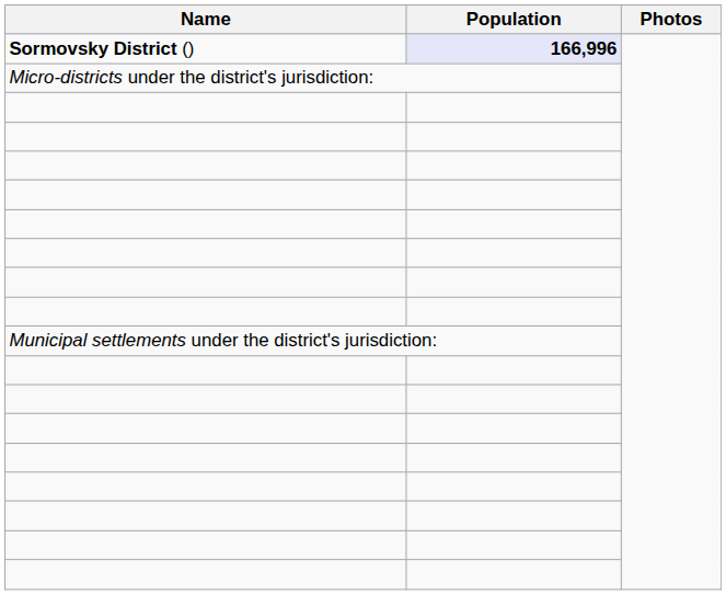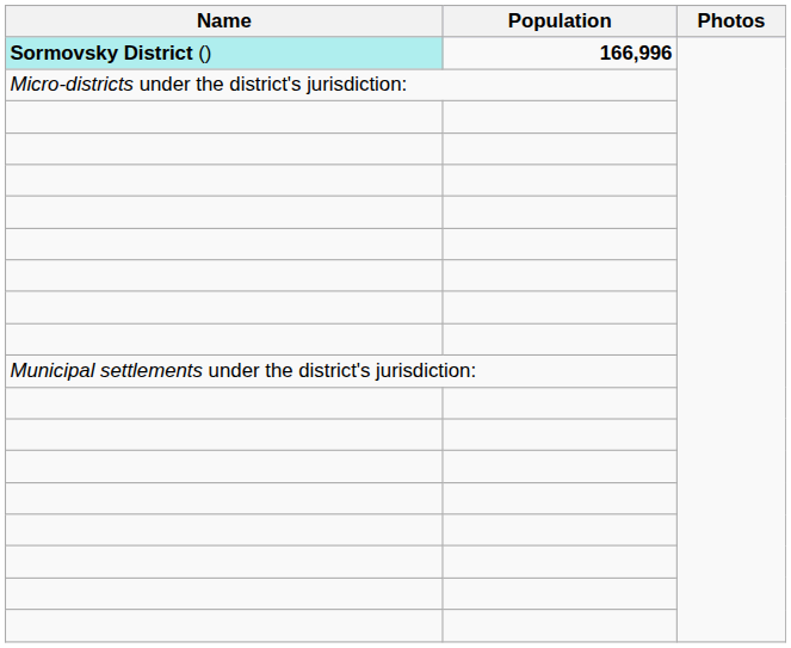 <table width=100% class="wikitable">
 <tr bgcolor="#CCCCFF" align="left">
 <th>Name</th>
 <th>Population</th>
 <th>Photos</th>
 </tr>
 <tr valign="top">
-<td><strong>Sormovsky District</strong> ()</td>
-<td align="right" style="background: lavender;"><strong>166,996</strong></td>
+<td style="background: paleturquoise;"><strong>Sormovsky District</strong> ()</td>
+<td align="right"><strong>166,996</strong></td>
 <td rowspan=19></td>
 </tr>
 <tr valign="top">
 <td colspan=2><em>Micro-districts</em> under the district's jurisdiction:</td>
 </tr>
 <tr>
 <td><br></td>
 <td align="right"></td>
 </tr>
 <tr>
 <td><br></td>
 <td align="right"></td>
 </tr>
 <tr>
 <td><br></td>
 <td align="right"></td>
 </tr>
 <tr>
 <td><br></td>
 <td align="right"></td>
 </tr>
 <tr>
 <td><br></td>
 <td align="right"></td>
 </tr>
 <tr>
 <td><br></td>
 <td align="right"></td>
 </tr>
 <tr>
 <td><br></td>
 <td align="right"></td>
 </tr>
 <tr>
 <td><br></td>
 <td align="right"></td>
 </tr>
 <tr valign="top">
 <td colspan=2><em>Municipal settlements</em> under the district's jurisdiction:</td>
 </tr>
 <tr>
 <td><br></td>
 <td align="right"></td>
 </tr>
 <tr>
 <td><br></td>
 <td align="right"></td>
 </tr>
 <tr>
 <td><br></td>
 <td align="right"></td>
 </tr>
 <tr>
 <td><br></td>
 <td align="right"></td>
 </tr>
 <tr>
 <td><br></td>
 <td align="right"></td>
 </tr>
 <tr>
 <td><br></td>
 <td align="right"></td>
 </tr>
 <tr>
 <td><br></td>
 <td align="right"></td>
 </tr>
 <tr>
 <td><br></td>
 <td align="right"></td>
 </tr>
 </table>
